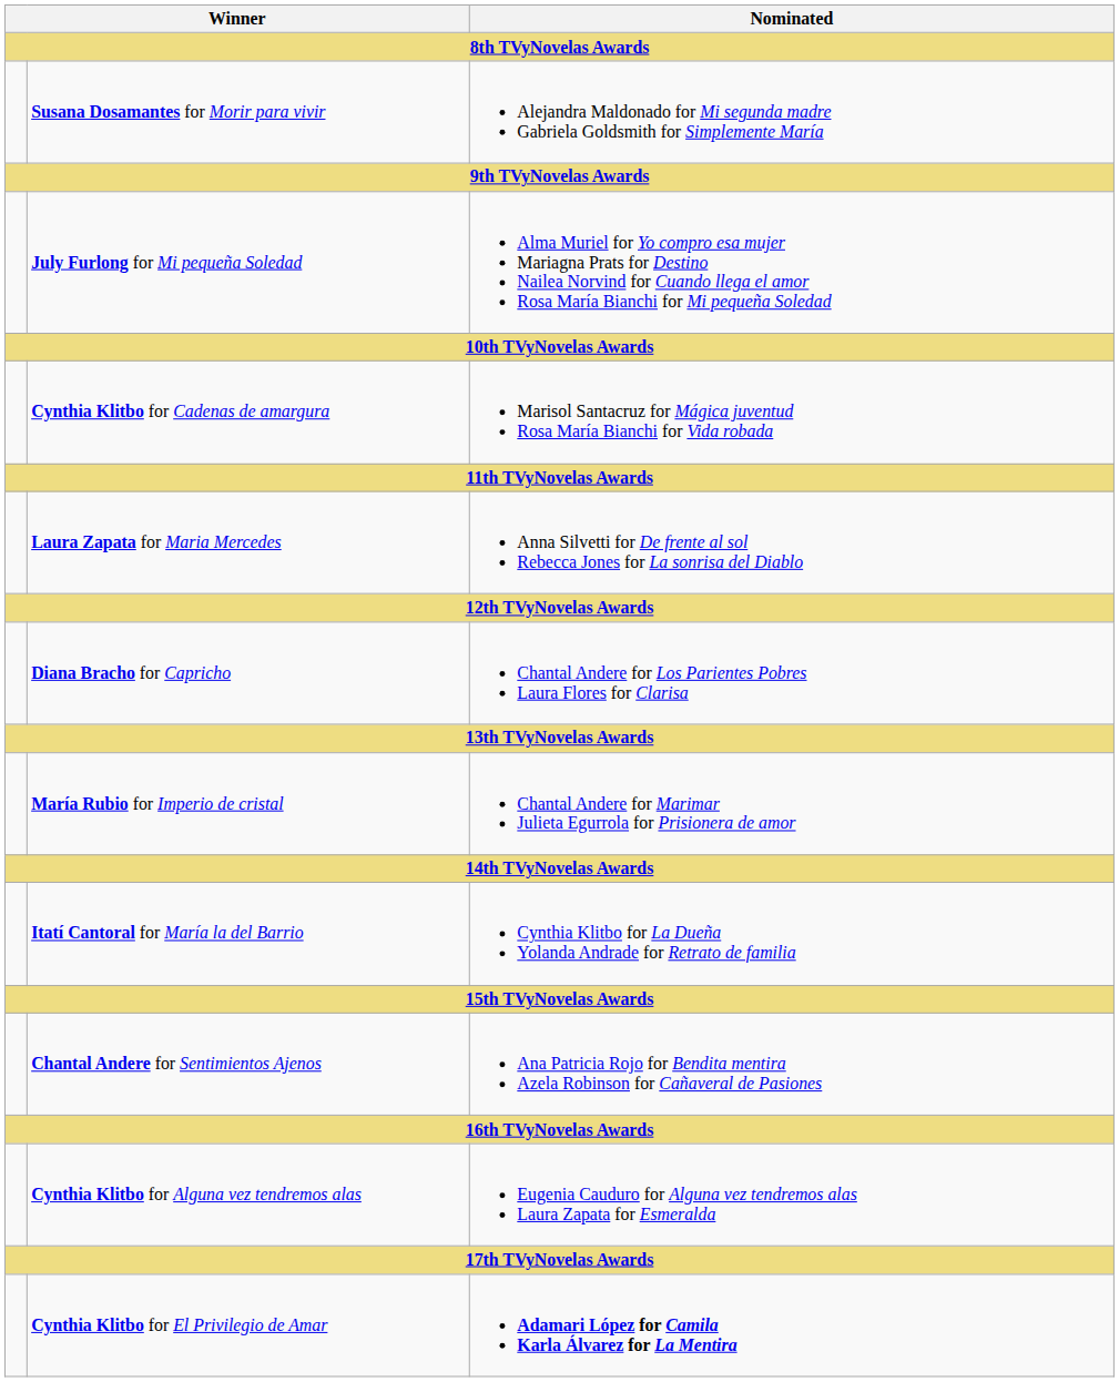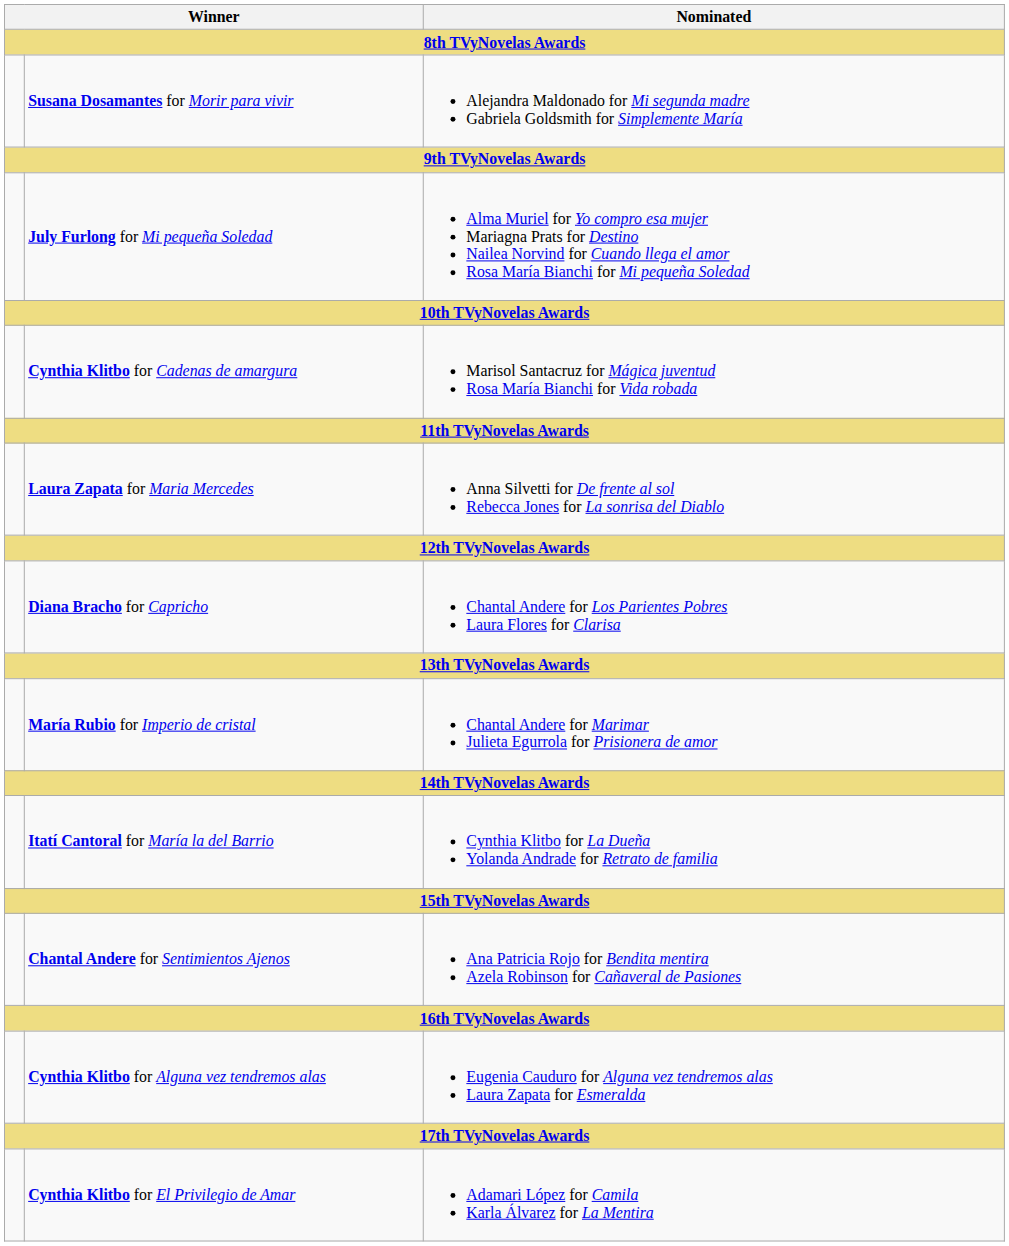 <table class="wikitable" width=80%>
 <tr align=center>
 <th width="150px;" colspan=2; align="center">Winner</th>
 <th width="580px;" align="center">Nominated</th>
 </tr>
 <tr>
 <th colspan=9 style="background:#EEDD82;"  align="center"><strong><a href='#'>8th TVyNovelas Awards</a></strong></th>
 </tr>
 <tr>
 <td width=2%></td>
 <td><strong><a href='#'>Susana Dosamantes</a></strong> for <em><a href='#'>Morir para vivir</a></em></td>
 <td><br><ul><li>Alejandra Maldonado for <em><a href='#'>Mi segunda madre</a></em></li><li>Gabriela Goldsmith for <em><a href='#'>Simplemente María</a></em></li></ul></td>
 </tr>
 <tr>
 <th colspan=9 style="background:#EEDD82;"  align="center"><strong><a href='#'>9th TVyNovelas Awards</a></strong></th>
 </tr>
 <tr>
 <td width=2%></td>
 <td><strong><a href='#'>July Furlong</a></strong> for <em><a href='#'>Mi pequeña Soledad</a></em></td>
 <td><br><ul><li><a href='#'>Alma Muriel</a> for <em><a href='#'>Yo compro esa mujer</a></em></li><li>Mariagna Prats for <em><a href='#'>Destino</a></em></li><li><a href='#'>Nailea Norvind</a> for <em><a href='#'>Cuando llega el amor</a></em></li><li><a href='#'>Rosa María Bianchi</a> for <em><a href='#'>Mi pequeña Soledad</a></em></li></ul></td>
 </tr>
 <tr>
 <th colspan=9 style="background:#EEDD82;"  align="center"><strong><a href='#'>10th TVyNovelas Awards</a></strong></th>
 </tr>
 <tr>
 <td width=2%></td>
 <td><strong><a href='#'>Cynthia Klitbo</a></strong> for <em><a href='#'>Cadenas de amargura</a></em></td>
 <td><br><ul><li>Marisol Santacruz for <em><a href='#'>Mágica juventud</a></em></li><li><a href='#'>Rosa María Bianchi</a> for <em><a href='#'>Vida robada</a></em></li></ul></td>
 </tr>
 <tr>
 <th colspan=9 style="background:#EEDD82;"  align="center"><strong><a href='#'>11th TVyNovelas Awards</a></strong></th>
 </tr>
 <tr>
 <td width=2%></td>
 <td><strong><a href='#'>Laura Zapata</a></strong> for <em><a href='#'>Maria Mercedes</a></em></td>
 <td><br><ul><li>Anna Silvetti for <em><a href='#'>De frente al sol</a></em></li><li><a href='#'>Rebecca Jones</a> for <em><a href='#'>La sonrisa del Diablo</a></em></li></ul></td>
 </tr>
 <tr>
 <th colspan=9 style="background:#EEDD82;"  align="center"><strong><a href='#'>12th TVyNovelas Awards</a></strong></th>
 </tr>
 <tr>
 <td width=2%></td>
 <td><strong><a href='#'>Diana Bracho</a></strong> for <em><a href='#'>Capricho</a></em></td>
 <td><br><ul><li><a href='#'>Chantal Andere</a> for <em><a href='#'>Los Parientes Pobres</a></em></li><li><a href='#'>Laura Flores</a> for <em><a href='#'>Clarisa</a></em></li></ul></td>
 </tr>
 <tr>
 <th colspan=9 style="background:#EEDD82;"  align="center"><strong><a href='#'>13th TVyNovelas Awards</a></strong></th>
 </tr>
 <tr>
 <td width=2%></td>
 <td><strong><a href='#'>María Rubio</a></strong> for <em><a href='#'>Imperio de cristal</a></em></td>
 <td><br><ul><li><a href='#'>Chantal Andere</a> for <em><a href='#'>Marimar</a></em></li><li><a href='#'>Julieta Egurrola</a> for <em><a href='#'>Prisionera de amor</a></em></li></ul></td>
 </tr>
 <tr>
 <th colspan=9 style="background:#EEDD82;"  align="center"><strong><a href='#'>14th TVyNovelas Awards</a></strong></th>
 </tr>
 <tr>
 <td width=2%></td>
 <td><strong><a href='#'>Itatí Cantoral</a></strong> for <em><a href='#'>María la del Barrio</a></em></td>
 <td><br><ul><li><a href='#'>Cynthia Klitbo</a> for <em><a href='#'>La Dueña</a></em></li><li><a href='#'>Yolanda Andrade</a> for <em><a href='#'>Retrato de familia</a></em></li></ul></td>
 </tr>
 <tr>
 <th colspan=9 style="background:#EEDD82;"  align="center"><strong><a href='#'>15th TVyNovelas Awards</a></strong></th>
 </tr>
 <tr>
 <td width=2%></td>
 <td><strong><a href='#'>Chantal Andere</a></strong> for <em><a href='#'>Sentimientos Ajenos</a></em></td>
 <td><br><ul><li><a href='#'>Ana Patricia Rojo</a> for <em><a href='#'>Bendita mentira</a></em></li><li><a href='#'>Azela Robinson</a> for <em><a href='#'>Cañaveral de Pasiones</a></em></li></ul></td>
 </tr>
 <tr>
 <th colspan=9 style="background:#EEDD82;"  align="center"><strong><a href='#'>16th TVyNovelas Awards</a></strong></th>
 </tr>
 <tr>
 <td width=2%></td>
 <td><strong><a href='#'>Cynthia Klitbo</a></strong> for <em><a href='#'>Alguna vez tendremos alas</a></em></td>
 <td><br><ul><li><a href='#'>Eugenia Cauduro</a> for <em><a href='#'>Alguna vez tendremos alas</a></em></li><li><a href='#'>Laura Zapata</a> for <em><a href='#'>Esmeralda</a></em></li></ul></td>
 </tr>
 <tr>
 <th colspan=9 style="background:#EEDD82;"  align="center"><strong><a href='#'>17th TVyNovelas Awards</a></strong></th>
 </tr>
 <tr>
 <td width=2%></td>
 <td><strong><a href='#'>Cynthia Klitbo</a></strong> for <em><a href='#'>El Privilegio de Amar</a></em></td>
-<td><strong><br><ul><li><a href='#'>Adamari López</a> for <em><a href='#'>Camila</a></em></li><li><a href='#'>Karla Álvarez</a> for <em><a href='#'>La Mentira</a></em></li></ul></strong></td>
+<td><br><ul><li><a href='#'>Adamari López</a> for <em><a href='#'>Camila</a></em></li><li><a href='#'>Karla Álvarez</a> for <em><a href='#'>La Mentira</a></em></li></ul></td>
 </tr>
 </table>
